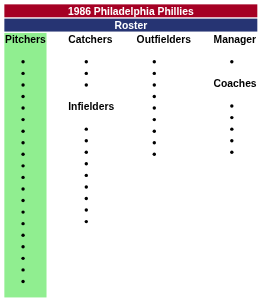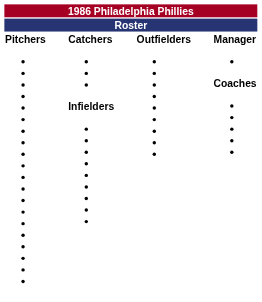 <table class="toccolours" style="font-size: 95%;">
 <tr>
 <th colspan="10" style="background-color: #A50024; color: white; text-align: center;">1986 Philadelphia Phillies</th>
 </tr>
 <tr>
 <td colspan="10" style="background-color: #263473; color: white; text-align: center;"><strong>Roster</strong></td>
 </tr>
 <tr>
-<td valign="top" style="background: lightgreen;"><strong>Pitchers</strong><br><ul><li></li><li></li><li></li><li></li><li></li><li></li><li></li><li></li><li></li><li></li><li></li><li></li><li></li><li></li><li></li><li></li><li></li><li></li><li></li><li></li></ul></td>
+<td valign="top"><strong>Pitchers</strong><br><ul><li></li><li></li><li></li><li></li><li></li><li></li><li></li><li></li><li></li><li></li><li></li><li></li><li></li><li></li><li></li><li></li><li></li><li></li><li></li><li></li></ul></td>
 <td width="25px"></td>
 <td valign="top"><strong>Catchers</strong><br><ul><li></li><li></li><li></li></ul><strong>Infielders</strong><ul><li></li><li></li><li></li><li></li><li></li><li></li><li></li><li></li><li></li></ul></td>
 <td width="25px"></td>
 <td valign="top"><strong>Outfielders</strong><br><ul><li></li><li></li><li></li><li></li><li></li><li></li><li></li><li></li><li></li></ul></td>
 <td width="25px"></td>
 <td valign="top"><strong>Manager</strong><br><ul><li></li></ul><strong>Coaches</strong><ul><li></li><li></li><li></li><li></li><li></li></ul></td>
 </tr>
 <tr>
 </tr>
 </table>
